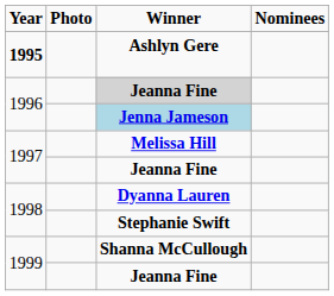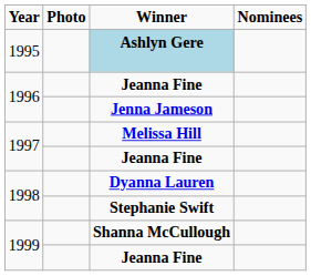 <table class=wikitable>
 <tr>
 <td align=center><strong>Year</strong></td>
 <td align=center><strong>Photo</strong></td>
 <td align=center><strong>Winner<br></strong></td>
 <td align=center><strong>Nominees<br></strong></td>
 </tr>
 <tr>
-<td><strong>1995</strong></td>
+<td>1995</td>
 <td></td>
-<td align=center><strong>Ashlyn Gere</strong><br><br></td>
+<td align=center style="background: lightblue;"><strong>Ashlyn Gere</strong><br><br></td>
 <td></td>
 </tr>
 <tr>
 <td rowspan=2>1996</td>
 <td></td>
-<td align=center style="background: lightgrey;"><strong>Jeanna Fine</strong> <br></td>
+<td align=center><strong>Jeanna Fine</strong> <br></td>
 <td></td>
 </tr>
 <tr>
 <td></td>
-<td align=center style="background: lightblue;"><strong><a href='#'>Jenna Jameson</a></strong> <br></td>
+<td align=center><strong><a href='#'>Jenna Jameson</a></strong> <br></td>
 <td></td>
 </tr>
 <tr>
 <td rowspan=2>1997</td>
 <td></td>
 <td align=center><strong><a href='#'>Melissa Hill</a></strong> <br></td>
 <td></td>
 </tr>
 <tr>
 <td></td>
 <td align=center><strong>Jeanna Fine</strong> <br></td>
 <td></td>
 </tr>
 <tr>
 <td rowspan=2>1998</td>
 <td></td>
 <td align=center><strong><a href='#'>Dyanna Lauren</a></strong> <br></td>
 <td></td>
 </tr>
 <tr>
 <td></td>
 <td align=center><strong>Stephanie Swift</strong> <br></td>
 <td></td>
 </tr>
 <tr>
 <td rowspan=2>1999</td>
 <td></td>
 <td align=center><strong>Shanna McCullough</strong> <br></td>
 <td></td>
 </tr>
 <tr>
 <td></td>
 <td align=center><strong>Jeanna Fine</strong> <br></td>
 <td></td>
 </tr>
 </table>
